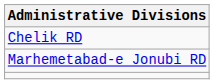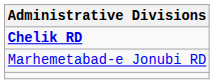 <table class="wikitable">
 <tr>
 <th>Administrative Divisions</th>
 </tr>
 <tr>
-<td><a href='#'>Chelik RD</a></td>
+<td><strong><a href='#'>Chelik RD</a></strong></td>
 </tr>
 <tr>
 <td><a href='#'>Marhemetabad-e Jonubi RD</a></td>
 </tr>
 <tr>
 <td colspan=1></td>
 </tr>
 </table>
